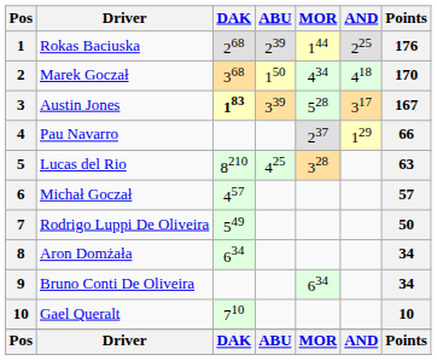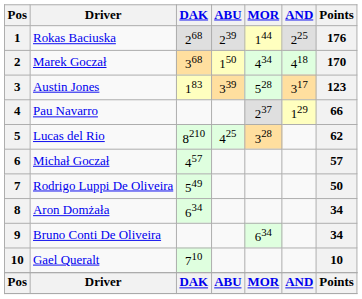 <table class="wikitable" style="font-size: 85%; text-align: center; display: inline-table;">
 <tr valign="top">
 <th valign="middle">Pos</th>
 <th valign="middle">Driver</th>
 <th><a href='#'>DAK</a><br></th>
 <th><a href='#'>ABU</a><br></th>
 <th><a href='#'>MOR</a><br></th>
 <th><a href='#'>AND</a><br></th>
 <th valign="middle">Points</th>
 </tr>
 <tr>
 <th>1</th>
 <td align=left> <a href='#'>Rokas Baciuska</a></td>
 <td style="background:#dfdfdf;">2<sup>68</sup></td>
 <td style="background:#dfdfdf;">2<sup>39</sup></td>
 <td style="background:#ffffbf;">1<sup>44</sup></td>
 <td style="background:#dfdfdf;">2<sup>25</sup></td>
 <th>176</th>
 </tr>
 <tr>
 <th>2</th>
 <td align=left> <a href='#'>Marek Goczał</a></td>
 <td style="background:#ffdf9f;">3<sup>68</sup></td>
 <td style="background:#ffffbf;">1<sup>50</sup></td>
 <td style="background:#dfffdf;">4<sup>34</sup></td>
 <td style="background:#dfffdf;">4<sup>18</sup></td>
 <th>170</th>
 </tr>
 <tr>
 <th>3</th>
 <td align=left> <a href='#'>Austin Jones</a></td>
-<td style="background:#ffffbf;"><strong>1<sup>83</sup></strong></td>
+<td style="background:#ffffbf;">1<sup>83</sup></td>
 <td style="background:#ffdf9f;">3<sup>39</sup></td>
 <td style="background:#dfffdf;">5<sup>28</sup></td>
 <td style="background:#ffdf9f;">3<sup>17</sup></td>
-<th>167</th>
+<th>123</th>
 </tr>
 <tr>
 <th>4</th>
 <td align=left> <a href='#'>Pau Navarro</a></td>
 <td></td>
 <td></td>
 <td style="background:#dfdfdf;">2<sup>37</sup></td>
 <td style="background:#ffffbf;">1<sup>29</sup></td>
 <th>66</th>
 </tr>
 <tr>
 <th>5</th>
 <td align=left> <a href='#'>Lucas del Rio</a></td>
 <td style="background:#dfffdf;">8<sup>210</sup></td>
 <td style="background:#dfffdf;">4<sup>25</sup></td>
 <td style="background:#ffdf9f;">3<sup>28</sup></td>
 <td></td>
-<th>63</th>
+<th>62</th>
 </tr>
 <tr>
 <th>6</th>
 <td align=left> <a href='#'>Michał Goczał</a></td>
 <td style="background:#dfffdf;">4<sup>57</sup></td>
 <td></td>
 <td></td>
 <td></td>
 <th>57</th>
 </tr>
 <tr>
 <th>7</th>
 <td align=left> <a href='#'>Rodrigo Luppi De Oliveira</a></td>
 <td style="background:#dfffdf;">5<sup>49</sup></td>
 <td></td>
 <td></td>
 <td></td>
 <th>50</th>
 </tr>
 <tr>
 <th>8</th>
 <td align=left> <a href='#'>Aron Domżała</a></td>
 <td style="background:#dfffdf;">6<sup>34</sup></td>
 <td></td>
 <td></td>
 <td></td>
 <th>34</th>
 </tr>
 <tr>
 <th>9</th>
 <td align=left> <a href='#'>Bruno Conti De Oliveira</a></td>
 <td></td>
 <td></td>
 <td style="background:#dfffdf;">6<sup>34</sup></td>
 <td></td>
 <th>34</th>
 </tr>
 <tr>
 <th>10</th>
 <td align=left> <a href='#'>Gael Queralt</a></td>
 <td style="background:#dfffdf;">7<sup>10</sup></td>
 <td></td>
 <td></td>
 <td></td>
 <th>10</th>
 </tr>
 <tr>
 </tr>
 <tr valign="top">
 <th valign="middle">Pos</th>
 <th valign="middle">Driver</th>
 <th><a href='#'>DAK</a><br></th>
 <th><a href='#'>ABU</a><br></th>
 <th><a href='#'>MOR</a><br></th>
 <th><a href='#'>AND</a><br></th>
 <th valign="middle">Points</th>
 </tr>
 <tr>
 </tr>
 </table>
